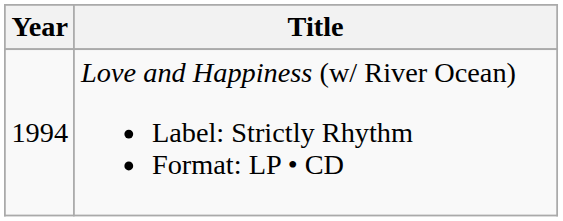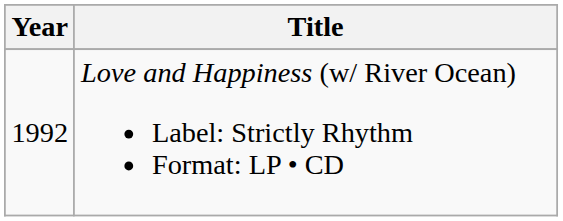 <table class="wikitable" style="text-align:center;">
 <tr>
 <th colspan="1">Year</th>
 <th colspan="1" width="265">Title</th>
 </tr>
 <tr>
 </tr>
 <tr>
-<td>1994</td>
+<td>1992</td>
 <td align="left"><em>Love and Happiness</em> (w/ River Ocean)<br><ul><li>Label: Strictly Rhythm</li><li>Format: LP • CD</li></ul></td>
 </tr>
 </table>
